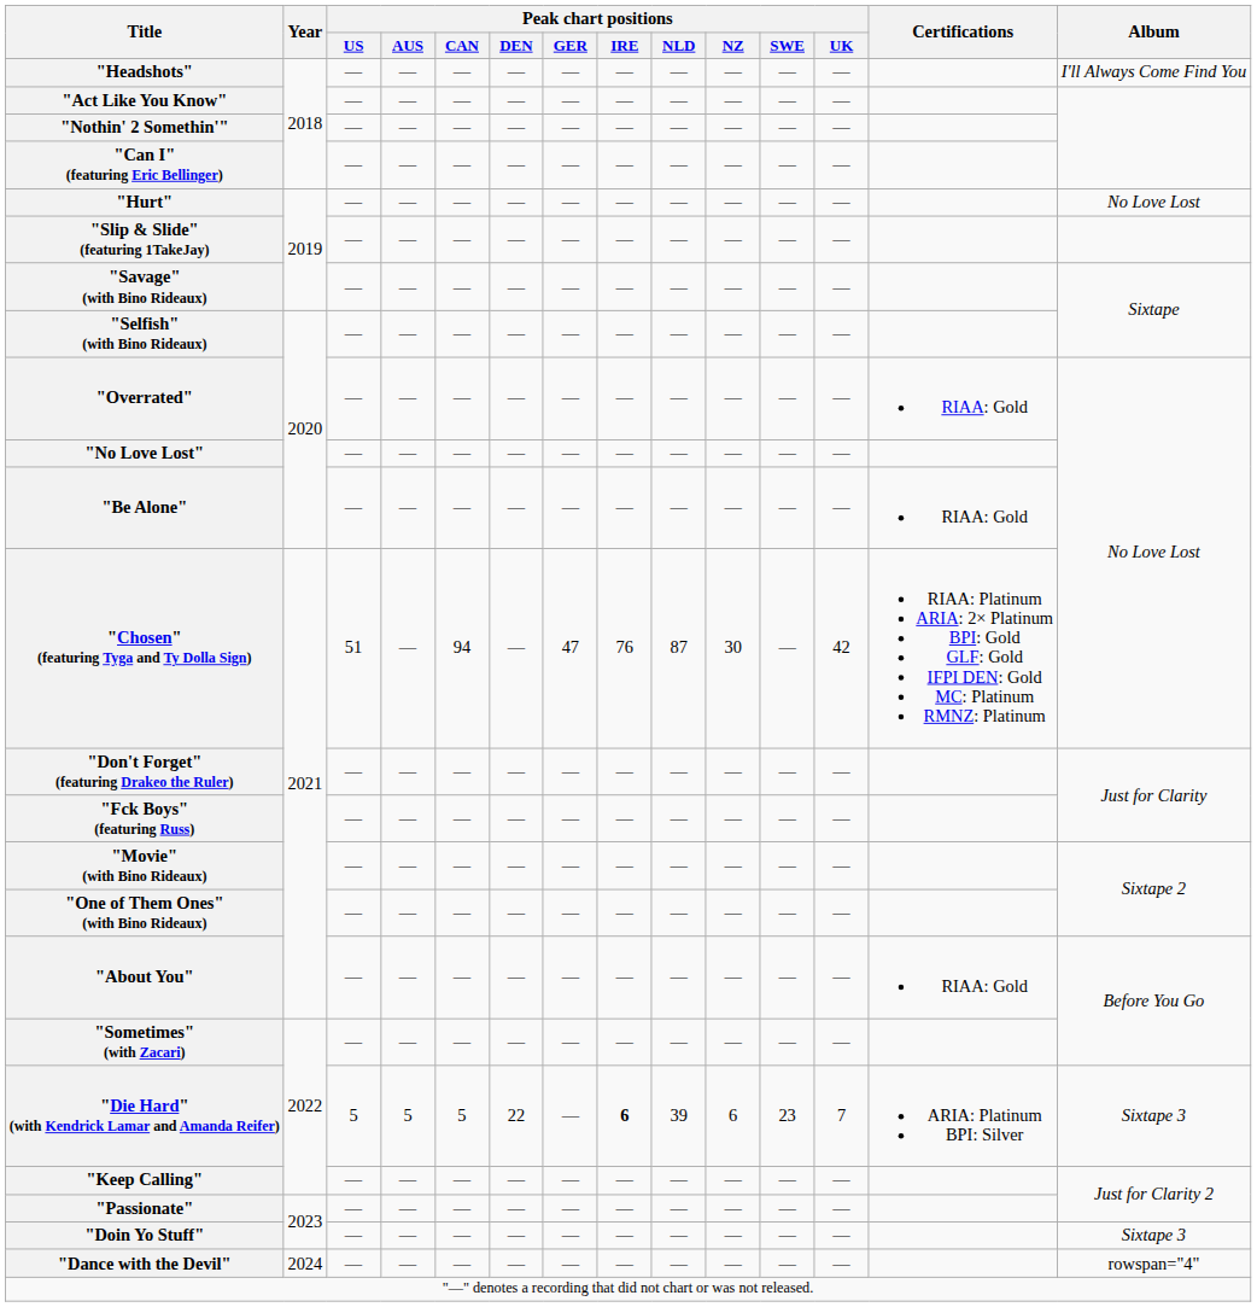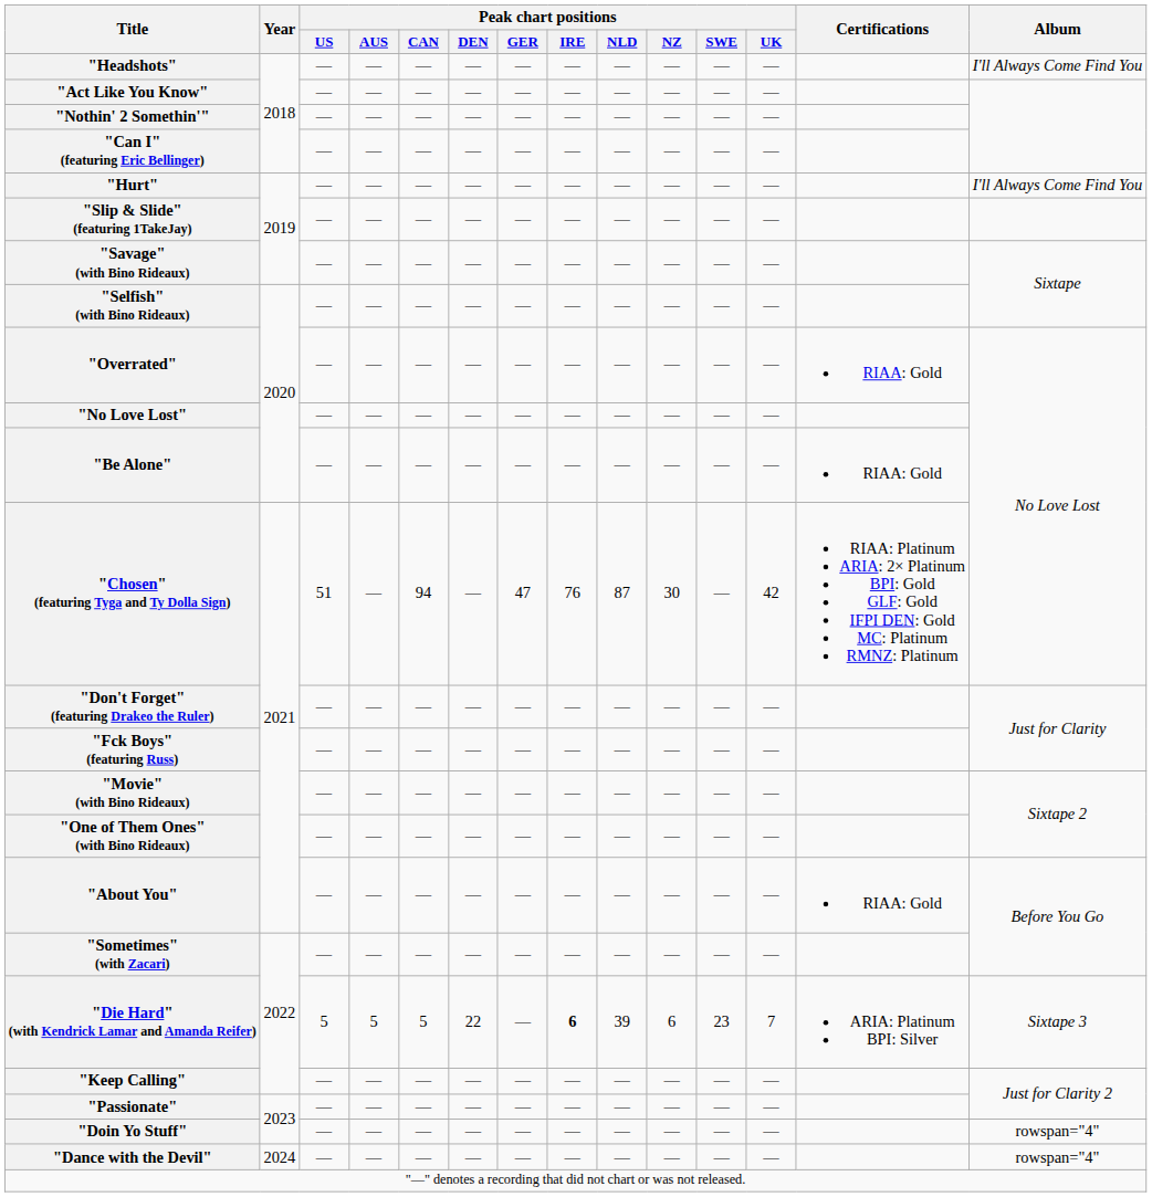 <table class="wikitable plainrowheaders" style="text-align:center;">
 <tr>
 <th scope="col" rowspan="2">Title</th>
 <th scope="col" rowspan="2">Year</th>
 <th scope="col" colspan="10">Peak chart positions</th>
 <th scope="col" rowspan="2">Certifications</th>
 <th scope="col" rowspan="2">Album</th>
 </tr>
 <tr>
 <th scope="col" style="width:3em;font-size:90%;"><a href='#'>US</a><br></th>
 <th scope="col" style="width:3em;font-size:90%;"><a href='#'>AUS</a><br></th>
 <th scope="col" style="width:3em;font-size:90%;"><a href='#'>CAN</a><br></th>
 <th scope="col" style="width:3em;font-size:90%;"><a href='#'>DEN</a><br></th>
 <th scope="col" style="width:3em;font-size:90%;"><a href='#'>GER</a><br></th>
 <th scope="col" style="width:3em;font-size:90%;"><a href='#'>IRE</a><br></th>
 <th scope="col" style="width:3em;font-size:90%;"><a href='#'>NLD</a><br></th>
 <th scope="col" style="width:3em;font-size:90%;"><a href='#'>NZ</a><br></th>
 <th scope="col" style="width:3em;font-size:90%;"><a href='#'>SWE</a><br></th>
 <th scope="col" style="width:3em;font-size:90%;"><a href='#'>UK</a><br></th>
 </tr>
 <tr>
 <th scope="row">"Headshots"</th>
 <td rowspan="4">2018</td>
 <td>—</td>
 <td>—</td>
 <td>—</td>
 <td>—</td>
 <td>—</td>
 <td>—</td>
 <td>—</td>
 <td>—</td>
 <td>—</td>
 <td>—</td>
 <td></td>
 <td><em>I'll Always Come Find You</em></td>
 </tr>
 <tr>
 <th scope="row">"Act Like You Know"</th>
 <td>—</td>
 <td>—</td>
 <td>—</td>
 <td>—</td>
 <td>—</td>
 <td>—</td>
 <td>—</td>
 <td>—</td>
 <td>—</td>
 <td>—</td>
 <td></td>
 </tr>
 <tr>
 <th scope="row">"Nothin' 2 Somethin'"</th>
 <td>—</td>
 <td>—</td>
 <td>—</td>
 <td>—</td>
 <td>—</td>
 <td>—</td>
 <td>—</td>
 <td>—</td>
 <td>—</td>
 <td>—</td>
 <td></td>
 </tr>
 <tr>
 <th scope="row">"Can I"<br><small>(featuring <a href='#'>Eric Bellinger</a>)</small></th>
 <td>—</td>
 <td>—</td>
 <td>—</td>
 <td>—</td>
 <td>—</td>
 <td>—</td>
 <td>—</td>
 <td>—</td>
 <td>—</td>
 <td>—</td>
 <td></td>
 </tr>
 <tr>
 <th scope="row">"Hurt"</th>
 <td rowspan="3">2019</td>
 <td>—</td>
 <td>—</td>
 <td>—</td>
 <td>—</td>
 <td>—</td>
 <td>—</td>
 <td>—</td>
 <td>—</td>
 <td>—</td>
 <td>—</td>
 <td></td>
-<td><em>No Love Lost</em></td>
+<td><em>I'll Always Come Find You</em></td>
 </tr>
 <tr>
 <th scope="row">"Slip & Slide"<br><small>(featuring 1TakeJay)</small></th>
 <td>—</td>
 <td>—</td>
 <td>—</td>
 <td>—</td>
 <td>—</td>
 <td>—</td>
 <td>—</td>
 <td>—</td>
 <td>—</td>
 <td>—</td>
 <td></td>
 <td></td>
 </tr>
 <tr>
 <th scope="row">"Savage"<br><small>(with Bino Rideaux)</small></th>
 <td>—</td>
 <td>—</td>
 <td>—</td>
 <td>—</td>
 <td>—</td>
 <td>—</td>
 <td>—</td>
 <td>—</td>
 <td>—</td>
 <td>—</td>
 <td></td>
 <td rowspan="2"><em>Sixtape</em></td>
 </tr>
 <tr>
 <th scope="row">"Selfish"<br><small>(with Bino Rideaux)</small></th>
 <td rowspan="4">2020</td>
 <td>—</td>
 <td>—</td>
 <td>—</td>
 <td>—</td>
 <td>—</td>
 <td>—</td>
 <td>—</td>
 <td>—</td>
 <td>—</td>
 <td>—</td>
 <td></td>
 </tr>
 <tr>
 <th scope="row">"Overrated"</th>
 <td>—</td>
 <td>—</td>
 <td>—</td>
 <td>—</td>
 <td>—</td>
 <td>—</td>
 <td>—</td>
 <td>—</td>
 <td>—</td>
 <td>—</td>
 <td><br><ul><li><a href='#'>RIAA</a>: Gold</li></ul></td>
 <td rowspan="4"><em>No Love Lost</em></td>
 </tr>
 <tr>
 <th scope="row">"No Love Lost"</th>
 <td>—</td>
 <td>—</td>
 <td>—</td>
 <td>—</td>
 <td>—</td>
 <td>—</td>
 <td>—</td>
 <td>—</td>
 <td>—</td>
 <td>—</td>
 <td></td>
 </tr>
 <tr>
 <th scope="row">"Be Alone"</th>
 <td>—</td>
 <td>—</td>
 <td>—</td>
 <td>—</td>
 <td>—</td>
 <td>—</td>
 <td>—</td>
 <td>—</td>
 <td>—</td>
 <td>—</td>
 <td><br><ul><li>RIAA: Gold</li></ul></td>
 </tr>
 <tr>
 <th scope="row">"<a href='#'>Chosen</a>"<br><small>(featuring <a href='#'>Tyga</a> and <a href='#'>Ty Dolla Sign</a>)</small></th>
 <td rowspan="6">2021</td>
 <td>51</td>
 <td>—</td>
 <td>94</td>
 <td>—</td>
 <td>47</td>
 <td>76</td>
 <td>87</td>
 <td>30</td>
 <td>—</td>
 <td>42</td>
 <td><br><ul><li>RIAA: Platinum</li><li><a href='#'>ARIA</a>: 2× Platinum</li><li><a href='#'>BPI</a>: Gold</li><li><a href='#'>GLF</a>: Gold</li><li><a href='#'>IFPI DEN</a>: Gold</li><li><a href='#'>MC</a>: Platinum</li><li><a href='#'>RMNZ</a>: Platinum</li></ul></td>
 </tr>
 <tr>
 <th scope="row">"Don't Forget"<br><small>(featuring <a href='#'>Drakeo the Ruler</a>)</small></th>
 <td>—</td>
 <td>—</td>
 <td>—</td>
 <td>—</td>
 <td>—</td>
 <td>—</td>
 <td>—</td>
 <td>—</td>
 <td>—</td>
 <td>—</td>
 <td></td>
 <td rowspan="2"><em>Just for Clarity</em></td>
 </tr>
 <tr>
 <th scope="row">"Fck Boys"<br><small>(featuring <a href='#'>Russ</a>)</small></th>
 <td>—</td>
 <td>—</td>
 <td>—</td>
 <td>—</td>
 <td>—</td>
 <td>—</td>
 <td>—</td>
 <td>—</td>
 <td>—</td>
 <td>—</td>
 <td></td>
 </tr>
 <tr>
 <th scope="row">"Movie"<br><small>(with Bino Rideaux)</small></th>
 <td>—</td>
 <td>—</td>
 <td>—</td>
 <td>—</td>
 <td>—</td>
 <td>—</td>
 <td>—</td>
 <td>—</td>
 <td>—</td>
 <td>—</td>
 <td></td>
 <td rowspan="2"><em>Sixtape 2</em></td>
 </tr>
 <tr>
 <th scope="row">"One of Them Ones"<br><small>(with Bino Rideaux)</small></th>
 <td>—</td>
 <td>—</td>
 <td>—</td>
 <td>—</td>
 <td>—</td>
 <td>—</td>
 <td>—</td>
 <td>—</td>
 <td>—</td>
 <td>—</td>
 <td></td>
 </tr>
 <tr>
 <th scope="row">"About You"</th>
 <td>—</td>
 <td>—</td>
 <td>—</td>
 <td>—</td>
 <td>—</td>
 <td>—</td>
 <td>—</td>
 <td>—</td>
 <td>—</td>
 <td>—</td>
 <td><br><ul><li>RIAA: Gold</li></ul></td>
 <td rowspan="2"><em>Before You Go</em></td>
 </tr>
 <tr>
 <th scope="row">"Sometimes"<br><small>(with <a href='#'>Zacari</a>)</small></th>
 <td rowspan="3">2022</td>
 <td>—</td>
 <td>—</td>
 <td>—</td>
 <td>—</td>
 <td>—</td>
 <td>—</td>
 <td>—</td>
 <td>—</td>
 <td>—</td>
 <td>—</td>
 <td></td>
 </tr>
 <tr>
 <th scope="row">"<a href='#'>Die Hard</a>"<br><small>(with <a href='#'>Kendrick Lamar</a> and <a href='#'>Amanda Reifer</a>)</small></th>
 <td>5</td>
 <td>5</td>
 <td>5</td>
 <td>22</td>
 <td>—</td>
 <td><strong>6</strong></td>
 <td>39</td>
 <td>6</td>
 <td>23</td>
 <td>7</td>
 <td><br><ul><li>ARIA: Platinum</li><li>BPI: Silver</li></ul></td>
 <td><em>Sixtape 3</em></td>
 </tr>
 <tr>
 <th scope="row">"Keep Calling"<br></th>
 <td>—</td>
 <td>—</td>
 <td>—</td>
 <td>—</td>
 <td>—</td>
 <td>—</td>
 <td>—</td>
 <td>—</td>
 <td>—</td>
 <td>—</td>
 <td></td>
 <td rowspan="2"><em>Just for Clarity 2</em></td>
 </tr>
 <tr>
 <th scope="row">"Passionate"<br></th>
 <td rowspan="2">2023</td>
 <td>—</td>
 <td>—</td>
 <td>—</td>
 <td>—</td>
 <td>—</td>
 <td>—</td>
 <td>—</td>
 <td>—</td>
 <td>—</td>
 <td>—</td>
 <td></td>
 </tr>
 <tr>
 <th scope="row">"Doin Yo Stuff"<br></th>
 <td>—</td>
 <td>—</td>
 <td>—</td>
 <td>—</td>
 <td>—</td>
 <td>—</td>
 <td>—</td>
 <td>—</td>
 <td>—</td>
 <td>—</td>
 <td></td>
-<td><em>Sixtape 3</em></td>
+<td>rowspan="4" </td>
 </tr>
 <tr>
 <th scope="row">"Dance with the Devil"<br></th>
 <td>2024</td>
 <td>—</td>
 <td>—</td>
 <td>—</td>
 <td>—</td>
 <td>—</td>
 <td>—</td>
 <td>—</td>
 <td>—</td>
 <td>—</td>
 <td>—</td>
 <td></td>
 <td>rowspan="4" </td>
 </tr>
 <tr>
 <td colspan="15" style="font-size:85%">"—" denotes a recording that did not chart or was not released.</td>
 </tr>
 </table>
